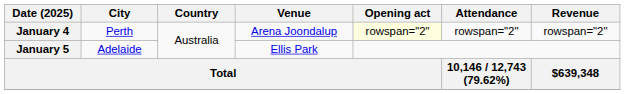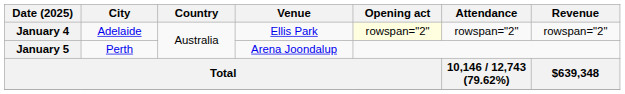 <table class="wikitable plainrowheaders" style="text-align:center;">
 <tr>
 <th scope="col" style="width:10em;">Date (2025)</th>
 <th scope="col" style="width:10em;">City</th>
 <th scope="col" style="width:10em;">Country</th>
 <th scope="col" style="width:18em;">Venue</th>
 <th scope="col" style="width:10em;">Opening act</th>
 <th scope="col" style="width:10em;">Attendance</th>
 <th scope="col" style="width:10em;">Revenue</th>
 </tr>
 <tr>
 <th scope="row" style="text-align:center;">January 4</th>
-<td><a href='#'>Perth</a></td>
+<td><a href='#'>Adelaide</a></td>
 <td rowspan="2">Australia</td>
-<td><a href='#'>Arena Joondalup</a></td>
+<td><a href='#'>Ellis Park</a></td>
 <td style="background: lightyellow;">rowspan="2" </td>
 <td>rowspan="2" </td>
 <td>rowspan="2" </td>
 </tr>
 <tr>
 <th scope="row" style="text-align:center;">January 5</th>
-<td><a href='#'>Adelaide</a></td>
-<td><a href='#'>Ellis Park</a></td>
+<td><a href='#'>Perth</a></td>
+<td><a href='#'>Arena Joondalup</a></td>
 </tr>
 <tr>
 <th colspan="5">Total</th>
 <th>10,146 / 12,743 (79.62%)</th>
 <th>$639,348</th>
 </tr>
 <tr>
 </tr>
 </table>
